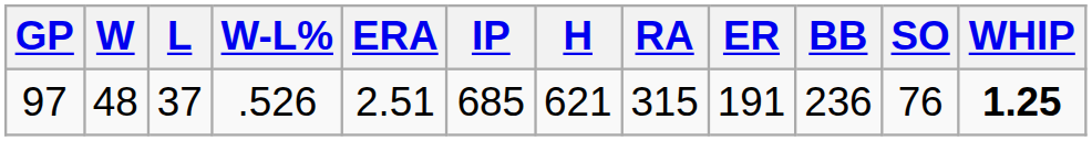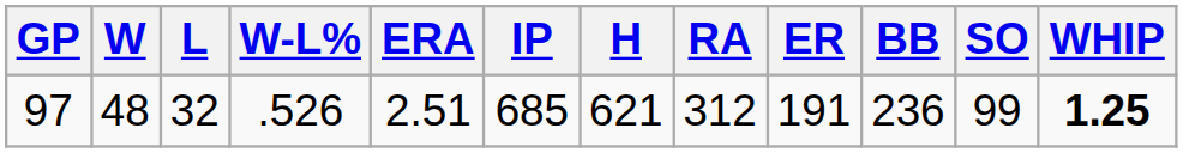 <table class="wikitable">
 <tr>
 <th><a href='#'>GP</a></th>
 <th><a href='#'>W</a></th>
 <th><a href='#'>L</a></th>
 <th><a href='#'>W-L%</a></th>
 <th><a href='#'>ERA</a></th>
 <th><a href='#'>IP</a></th>
 <th><a href='#'>H</a></th>
 <th><a href='#'>RA</a></th>
 <th><a href='#'>ER</a></th>
 <th><a href='#'>BB</a></th>
 <th><a href='#'>SO</a></th>
 <th><a href='#'>WHIP</a></th>
 </tr>
 <tr align=center>
 <td>97</td>
 <td>48</td>
-<td>37</td>
+<td>32</td>
 <td>.526</td>
 <td>2.51</td>
 <td>685</td>
 <td>621</td>
-<td>315</td>
+<td>312</td>
 <td>191</td>
 <td>236</td>
-<td>76</td>
+<td>99</td>
 <td><strong>1.25</strong></td>
 </tr>
 </table>
